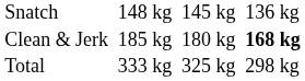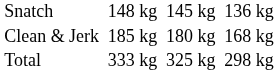 <table>
 <tr>
 <td>Snatch</td>
 <td></td>
 <td>148 kg</td>
 <td></td>
 <td>145 kg</td>
 <td></td>
 <td>136 kg</td>
 </tr>
 <tr>
 <td>Clean & Jerk</td>
 <td></td>
 <td>185 kg</td>
 <td></td>
 <td>180 kg</td>
 <td></td>
-<td><strong>168 kg</strong></td>
+<td>168 kg</td>
 </tr>
 <tr>
 <td>Total</td>
 <td></td>
 <td>333 kg</td>
 <td></td>
 <td>325 kg</td>
 <td></td>
 <td>298 kg</td>
 </tr>
 </table>
